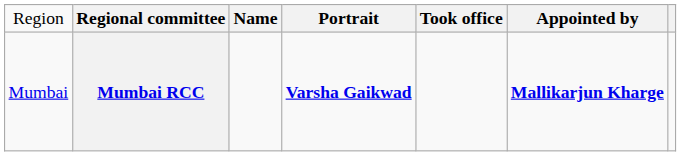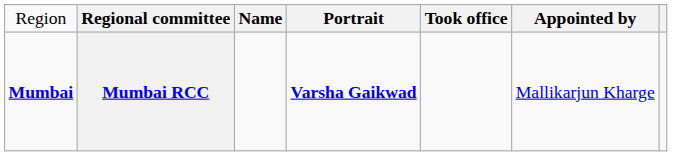 <table class="wikitable" style="text-align:center">
 <tr>
 <td scope=col>Region</td>
 <th scope=col>Regional committee</th>
 <th scope=col>Name</th>
 <th scope=col>Portrait</th>
 <th scope=col>Took office</th>
 <th scope=col>Appointed by</th>
 <th scope=col></th>
 </tr>
 <tr>
-<td><a href='#'>Mumbai</a></td>
+<td><strong><a href='#'>Mumbai</a></strong></td>
 <th scope=row><a href='#'>Mumbai RCC</a></th>
 <td align="center" height="100px"></td>
 <td><strong><a href='#'>Varsha Gaikwad</a></strong></td>
 <td><br></td>
-<td><strong><a href='#'>Mallikarjun Kharge</a></strong></td>
+<td><a href='#'>Mallikarjun Kharge</a></td>
 <td></td>
 </tr>
 </table>
